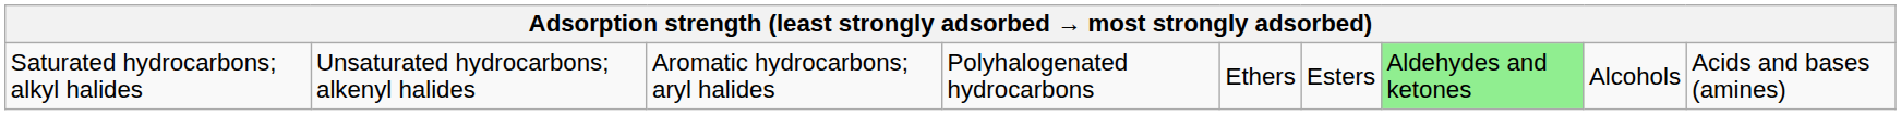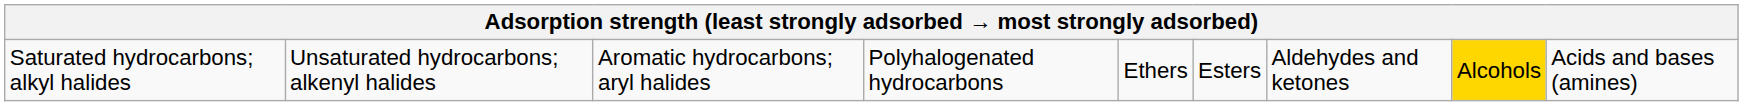 <table class="wikitable">
 <tr>
 <th colspan="9">Adsorption strength (least strongly adsorbed → most strongly adsorbed)</th>
 </tr>
 <tr>
 <td>Saturated hydrocarbons; alkyl halides</td>
 <td>Unsaturated hydrocarbons; alkenyl halides</td>
 <td>Aromatic hydrocarbons; aryl halides</td>
 <td>Polyhalogenated hydrocarbons</td>
 <td>Ethers</td>
 <td>Esters</td>
-<td style="background: lightgreen;">Aldehydes and ketones</td>
-<td>Alcohols</td>
+<td>Aldehydes and ketones</td>
+<td style="background: gold;">Alcohols</td>
 <td>Acids and bases (amines)</td>
 </tr>
 </table>
